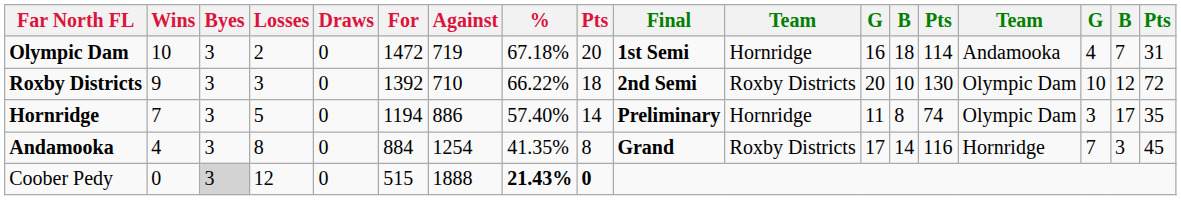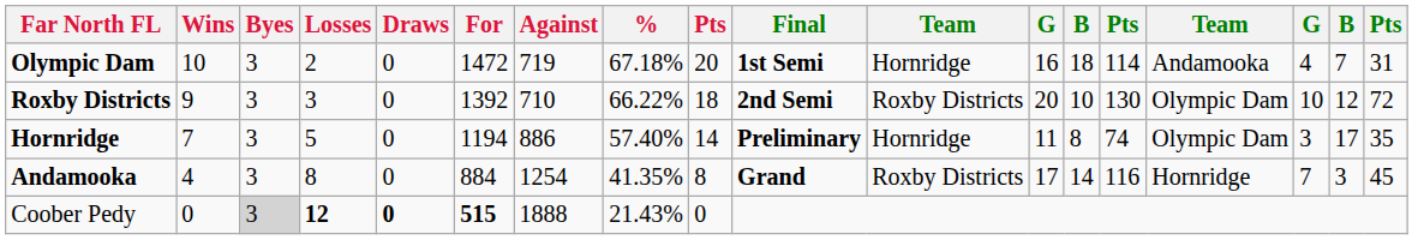 <table class="wikitable">
 <tr>
 <th style="color:crimson">Far North FL</th>
 <th style="color:crimson">Wins</th>
 <th style="color:crimson">Byes</th>
 <th style="color:crimson">Losses</th>
 <th style="color:crimson">Draws</th>
 <th style="color:crimson">For</th>
 <th style="color:crimson">Against</th>
 <th style="color:crimson">%</th>
 <th style="color:crimson">Pts</th>
 <th style="color:green">Final</th>
 <th style="color:green">Team</th>
 <th style="color:green">G</th>
 <th style="color:green">B</th>
 <th style="color:green">Pts</th>
 <th style="color:green">Team</th>
 <th style="color:green">G</th>
 <th style="color:green">B</th>
 <th style="color:green">Pts</th>
 </tr>
 <tr>
 <td><strong>	Olympic Dam	</strong></td>
 <td>10</td>
 <td>3</td>
 <td>2</td>
 <td>0</td>
 <td>1472</td>
 <td>719</td>
 <td>67.18%</td>
 <td>20</td>
 <td><strong>1st Semi</strong></td>
 <td>Hornridge</td>
 <td>16</td>
 <td>18</td>
 <td>114</td>
 <td>Andamooka</td>
 <td>4</td>
 <td>7</td>
 <td>31</td>
 </tr>
 <tr>
 <td><strong>	Roxby Districts	</strong></td>
 <td>9</td>
 <td>3</td>
 <td>3</td>
 <td>0</td>
 <td>1392</td>
 <td>710</td>
 <td>66.22%</td>
 <td>18</td>
 <td><strong>2nd Semi</strong></td>
 <td>Roxby Districts</td>
 <td>20</td>
 <td>10</td>
 <td>130</td>
 <td>Olympic Dam</td>
 <td>10</td>
 <td>12</td>
 <td>72</td>
 </tr>
 <tr>
 <td><strong>	Hornridge	</strong></td>
 <td>7</td>
 <td>3</td>
 <td>5</td>
 <td>0</td>
 <td>1194</td>
 <td>886</td>
 <td>57.40%</td>
 <td>14</td>
 <td><strong>Preliminary</strong></td>
 <td>Hornridge</td>
 <td>11</td>
 <td>8</td>
 <td>74</td>
 <td>Olympic Dam</td>
 <td>3</td>
 <td>17</td>
 <td>35</td>
 </tr>
 <tr>
 <td><strong>	Andamooka	</strong></td>
 <td>4</td>
 <td>3</td>
 <td>8</td>
 <td>0</td>
 <td>884</td>
 <td>1254</td>
 <td>41.35%</td>
 <td>8</td>
 <td><strong>Grand</strong></td>
 <td>Roxby Districts</td>
 <td>17</td>
 <td>14</td>
 <td>116</td>
 <td>Hornridge</td>
 <td>7</td>
 <td>3</td>
 <td>45</td>
 </tr>
 <tr>
 <td>Coober Pedy</td>
 <td>0</td>
 <td style="background: lightgrey;">3</td>
-<td>12</td>
+<td><strong>12</strong></td>
+<td><strong>0</strong></td>
+<td><strong>515</strong></td>
+<td>1888</td>
+<td>21.43%</td>
 <td>0</td>
-<td>515</td>
-<td>1888</td>
-<td><strong>21.43%</strong></td>
-<td><strong>0</strong></td>
 </tr>
 </table>
